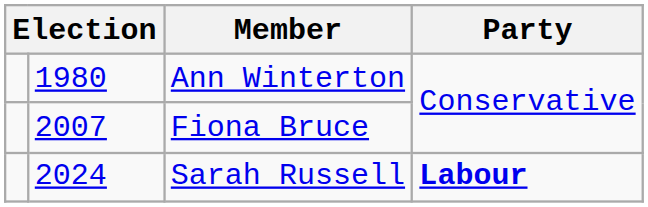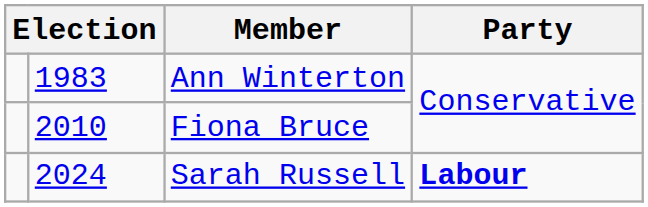 <table class="wikitable">
 <tr>
 <th colspan="2">Election</th>
 <th>Member</th>
 <th>Party</th>
 </tr>
 <tr>
 <td style="color:inherit;background-color: "></td>
-<td><a href='#'>1980</a></td>
+<td><a href='#'>1983</a></td>
 <td><a href='#'>Ann Winterton</a></td>
 <td rowspan="2"><a href='#'>Conservative</a></td>
 </tr>
 <tr>
 <td style="color:inherit;background-color: "></td>
-<td><a href='#'>2007</a></td>
+<td><a href='#'>2010</a></td>
 <td><a href='#'>Fiona Bruce</a></td>
 </tr>
 <tr>
 <td style="color:inherit;background-color: "></td>
 <td><a href='#'>2024</a></td>
 <td><a href='#'>Sarah Russell</a></td>
 <td rowspan="1"><strong><a href='#'>Labour</a></strong></td>
 </tr>
 </table>
